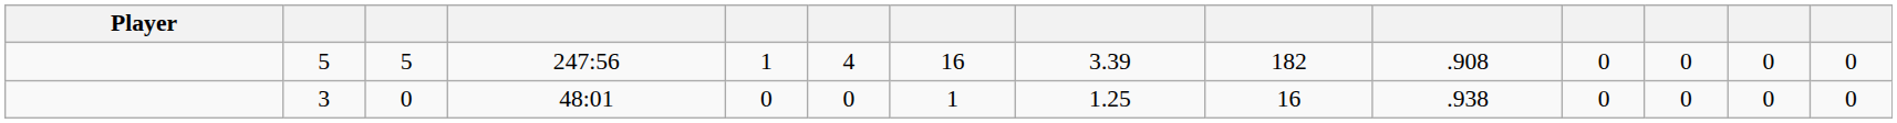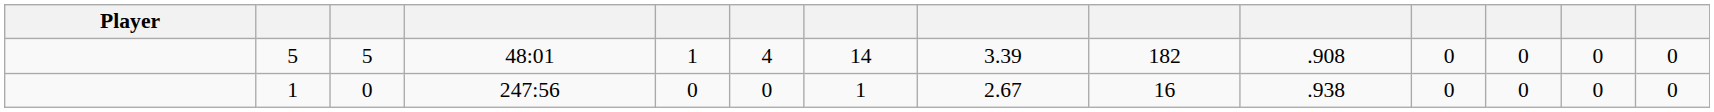 <table class="wikitable sortable" style="width:100%; text-align:center;">
 <tr style="text-align:center; background:#ddd;">
 <th>Player</th>
 <th></th>
 <th></th>
 <th></th>
 <th></th>
 <th></th>
 <th></th>
 <th></th>
 <th></th>
 <th></th>
 <th></th>
 <th></th>
 <th></th>
 <th></th>
 </tr>
 <tr>
 <td style=white-space:nowrap></td>
 <td>5</td>
 <td>5</td>
-<td>247:56</td>
+<td>48:01</td>
 <td>1</td>
 <td>4</td>
-<td>16</td>
+<td>14</td>
 <td>3.39</td>
 <td>182</td>
 <td>.908</td>
 <td>0</td>
 <td>0</td>
 <td>0</td>
 <td>0</td>
 </tr>
 <tr>
 <td style=white-space:nowrap></td>
-<td>3</td>
+<td>1</td>
 <td>0</td>
-<td>48:01</td>
+<td>247:56</td>
 <td>0</td>
 <td>0</td>
 <td>1</td>
-<td>1.25</td>
+<td>2.67</td>
 <td>16</td>
 <td>.938</td>
 <td>0</td>
 <td>0</td>
 <td>0</td>
 <td>0</td>
 </tr>
 </table>
